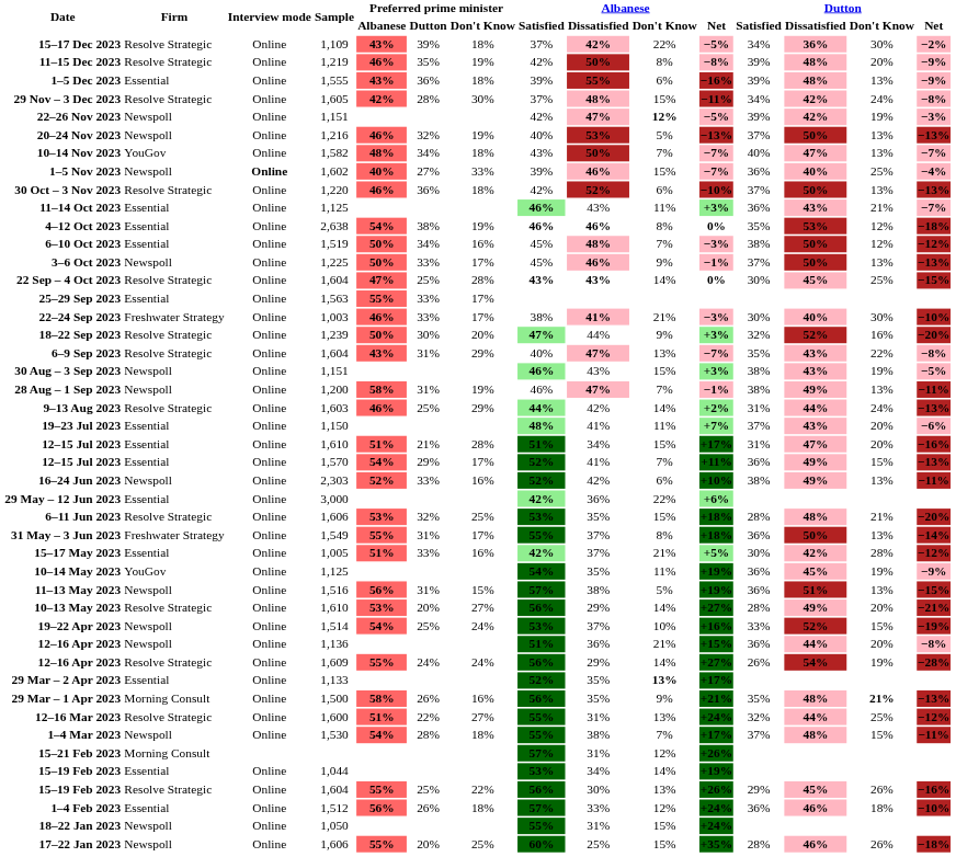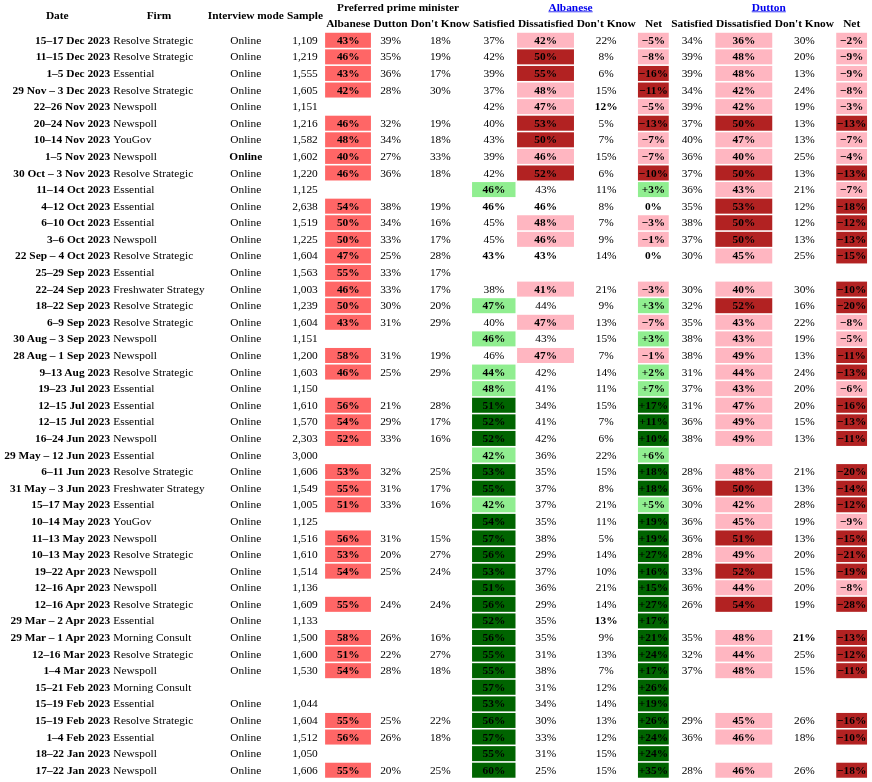 <table class={| class="nowrap wikitable sortable tpl-blanktable" style=text-align:center;font-size:90%>
 <tr>
 <th rowspan=2>Date</th>
 <th rowspan=2>Firm</th>
 <th rowspan=2>Interview mode</th>
 <th rowspan=2 style=max-width:5em>Sample</th>
 <th colspan=3>Preferred prime minister</th>
 <th colspan=4><a href='#'>Albanese</a></th>
 <th colspan=4><a href='#'>Dutton</a></th>
 </tr>
 <tr>
 <th>Albanese</th>
 <th>Dutton</th>
 <th>Don't Know</th>
 <th>Satisfied</th>
 <th>Dissatisfied</th>
 <th>Don't Know</th>
 <th>Net</th>
 <th>Satisfied</th>
 <th>Dissatisfied</th>
 <th>Don't Know</th>
 <th>Net</th>
 </tr>
 <tr>
 <th style="text-align:right">15–17 Dec 2023</th>
 <td style=text-align:left>Resolve Strategic</td>
 <td>Online</td>
 <td>1,109</td>
 <td style="background:#f66"><strong>43%</strong></td>
 <td>39%</td>
 <td>18%</td>
 <td>37%</td>
 <td style="background:LightPink"><strong>42%</strong></td>
 <td>22%</td>
 <th style="background:LightPink">−5%</th>
 <td>34%</td>
 <td style="background:LightPink"><strong>36%</strong></td>
 <td>30%</td>
 <th style="background:LightPink">−2%</th>
 </tr>
 <tr>
 <th style=text-align:right>11–15 Dec 2023</th>
 <td style=text-align:left>Resolve Strategic</td>
 <td>Online</td>
 <td>1,219</td>
 <td style="background:#f66"><strong>46%</strong></td>
 <td>35%</td>
 <td>19%</td>
 <td>42%</td>
 <td style="background:FireBrick"><strong>50%</strong></td>
 <td>8%</td>
 <th style="background:LightPink">−8%</th>
 <td>39%</td>
 <td style="background:LightPink"><strong>48%</strong></td>
 <td>20%</td>
 <th style="background:LightPink">−9%</th>
 </tr>
 <tr>
 <th style=text-align:right>1–5 Dec 2023</th>
 <td style=text-align:left>Essential</td>
 <td>Online</td>
 <td>1,555</td>
 <td style="background:#f66"><strong>43%</strong></td>
 <td>36%</td>
-<td>18%</td>
+<td>17%</td>
 <td>39%</td>
 <td style="background:FireBrick"><strong>55%</strong></td>
 <td>6%</td>
 <th style="background:FireBrick">−16%</th>
 <td>39%</td>
 <td style="background:LightPink"><strong>48%</strong></td>
 <td>13%</td>
 <th style="background:LightPink">−9%</th>
 </tr>
 <tr>
 <th style=text-align:right>29 Nov – 3 Dec 2023</th>
 <td style=text-align:left>Resolve Strategic</td>
 <td>Online</td>
 <td>1,605</td>
 <td style="background:#f66"><strong>42%</strong></td>
 <td>28%</td>
 <td>30%</td>
 <td>37%</td>
 <td style="background:LightPink"><strong>48%</strong></td>
 <td>15%</td>
 <th style="background:FireBrick">−11%</th>
 <td>34%</td>
 <td style="background:LightPink"><strong>42%</strong></td>
 <td>24%</td>
 <th style="background:LightPink">−8%</th>
 </tr>
 <tr>
 <th style=text-align:right>22–26 Nov 2023</th>
 <td style="text-align:left">Newspoll</td>
 <td>Online</td>
 <td>1,151</td>
 <td></td>
 <td></td>
 <td></td>
 <td>42%</td>
 <td style="background:LightPink"><strong>47%</strong></td>
 <td><strong>12%</strong></td>
 <th style="background:LightPink">−5%</th>
 <td>39%</td>
 <td style="background:LightPink"><strong>42%</strong></td>
 <td>19%</td>
 <th style="background:LightPink">−3%</th>
 </tr>
 <tr>
 <th style=text-align:right>20–24 Nov 2023</th>
 <td style=text-align:left>Newspoll</td>
 <td>Online</td>
 <td>1,216</td>
 <td style="background:#f66"><strong>46%</strong></td>
 <td>32%</td>
 <td>19%</td>
 <td>40%</td>
 <td style="background:FireBrick"><strong>53%</strong></td>
 <td>5%</td>
 <th style="background:FireBrick">−13%</th>
 <td>37%</td>
 <td style="background:FireBrick"><strong>50%</strong></td>
 <td>13%</td>
 <th style="background:FireBrick">−13%</th>
 </tr>
 <tr>
 <th style=text-align:right>10–14 Nov 2023</th>
 <td style=text-align:left>YouGov</td>
 <td>Online</td>
 <td>1,582</td>
 <td style="background:#f66"><strong>48%</strong></td>
 <td>34%</td>
 <td>18%</td>
 <td>43%</td>
 <td style="background:FireBrick"><strong>50%</strong></td>
 <td>7%</td>
 <th style="background:LightPink">−7%</th>
 <td>40%</td>
 <td style="background:LightPink"><strong>47%</strong></td>
 <td>13%</td>
 <th style="background:LightPink">−7%</th>
 </tr>
 <tr>
 <th style=text-align:right>1–5 Nov 2023</th>
 <td style=text-align:left>Newspoll</td>
 <td><strong>Online</strong></td>
 <td>1,602</td>
 <td style="background:#f66"><strong>40%</strong></td>
 <td>27%</td>
 <td>33%</td>
 <td>39%</td>
 <td style="background:LightPink"><strong>46%</strong></td>
 <td>15%</td>
 <th style="background:LightPink">−7%</th>
 <td>36%</td>
 <td style="background:LightPink"><strong>40%</strong></td>
 <td>25%</td>
 <th style="background:LightPink">−4%</th>
 </tr>
 <tr>
 <th style=text-align:right>30 Oct – 3 Nov 2023</th>
 <td style=text-align:left>Resolve Strategic</td>
 <td>Online</td>
 <td>1,220</td>
 <td style="background:#f66"><strong>46%</strong></td>
 <td>36%</td>
 <td>18%</td>
 <td>42%</td>
 <td style="background:FireBrick"><strong>52%</strong></td>
 <td>6%</td>
 <th style="background:FireBrick">−10%</th>
 <td>37%</td>
 <td style="background:FireBrick"><strong>50%</strong></td>
 <td>13%</td>
 <th style="background:FireBrick">−13%</th>
 </tr>
 <tr>
 <th style=text-align:right>11–14 Oct 2023</th>
 <td style=text-align:left>Essential</td>
 <td>Online</td>
 <td>1,125</td>
 <td></td>
 <td></td>
 <td></td>
 <td style="background:LightGreen"><strong>46%</strong></td>
 <td>43%</td>
 <td>11%</td>
 <th style="background:LightGreen">+3%</th>
 <td>36%</td>
 <td style="background:LightPink"><strong>43%</strong></td>
 <td>21%</td>
 <th style="background:LightPink">−7%</th>
 </tr>
 <tr>
 <th style=text-align:right>4–12 Oct 2023</th>
 <td style="text-align:left">Essential</td>
 <td>Online</td>
 <td>2,638</td>
 <td style="background:#f66"><strong>54%</strong></td>
 <td>38%</td>
 <td>19%</td>
 <th>46%</th>
 <th>46%</th>
 <td>8%</td>
 <th>0%</th>
 <td>35%</td>
 <td style="background:FireBrick"><strong>53%</strong></td>
 <td>12%</td>
 <th style="background:FireBrick">−18%</th>
 </tr>
 <tr>
 <th style=text-align:right>6–10 Oct 2023</th>
 <td style=text-align:left>Essential</td>
 <td>Online</td>
 <td>1,519</td>
 <td style="background:#f66"><strong>50%</strong></td>
 <td>34%</td>
 <td>16%</td>
 <td>45%</td>
 <td style="background:LightPink"><strong>48%</strong></td>
 <td>7%</td>
 <th style="background:LightPink">−3%</th>
 <td>38%</td>
 <td style="background:FireBrick"><strong>50%</strong></td>
 <td>12%</td>
 <th style="background:FireBrick">−12%</th>
 </tr>
 <tr>
 <th style=text-align:right>3–6 Oct 2023</th>
 <td style=text-align:left>Newspoll</td>
 <td>Online</td>
 <td>1,225</td>
 <td style="background:#f66"><strong>50%</strong></td>
 <td>33%</td>
 <td>17%</td>
 <td>45%</td>
 <td style="background:LightPink"><strong>46%</strong></td>
 <td>9%</td>
 <th style="background:LightPink">−1%</th>
 <td>37%</td>
 <td style="background:FireBrick"><strong>50%</strong></td>
 <td>13%</td>
 <th style="background:FireBrick">−13%</th>
 </tr>
 <tr>
 <th style=text-align:right>22 Sep – 4 Oct 2023</th>
 <td style=text-align:left>Resolve Strategic</td>
 <td>Online</td>
 <td>1,604</td>
 <td style="background:#f66"><strong>47%</strong></td>
 <td>25%</td>
 <td>28%</td>
 <th>43%</th>
 <th>43%</th>
 <td>14%</td>
 <th>0%</th>
 <td>30%</td>
 <td style="background:LightPink"><strong>45%</strong></td>
 <td>25%</td>
 <th style="background:FireBrick">−15%</th>
 </tr>
 <tr>
 <th style=text-align:right>25–29 Sep 2023</th>
 <td style=text-align:left>Essential</td>
 <td>Online</td>
 <td>1,563</td>
 <td style="background:#f66"><strong>55%</strong></td>
 <td>33%</td>
 <td>17%</td>
 <td></td>
 <td></td>
 <td></td>
 <th></th>
 <td></td>
 <td></td>
 <td></td>
 <th></th>
 </tr>
 <tr>
 <th style="text-align:right">22–24 Sep 2023</th>
 <td style="text-align:left">Freshwater Strategy</td>
 <td>Online</td>
 <td>1,003</td>
 <td style="background:#f66"><strong>46%</strong></td>
 <td>33%</td>
 <td>17%</td>
 <td>38%</td>
 <td style="background:LightPink"><strong>41%</strong></td>
 <td>21%</td>
 <th style="background:LightPink">−3%</th>
 <td>30%</td>
 <td style="background:LightPink"><strong>40%</strong></td>
 <td>30%</td>
 <th style="background:FireBrick">−10%</th>
 </tr>
 <tr>
 <th style=text-align:right>18–22 Sep 2023</th>
 <td style="text-align:left">Resolve Strategic</td>
 <td>Online</td>
 <td>1,239</td>
 <td style="background:#f66"><strong>50%</strong></td>
 <td>30%</td>
 <td>20%</td>
 <td style="background:LightGreen"><strong>47%</strong></td>
 <td>44%</td>
 <td>9%</td>
 <th style="background:LightGreen;">+3%</th>
 <td>32%</td>
 <td style="background:FireBrick"><strong>52%</strong></td>
 <td>16%</td>
 <th style="background:FireBrick">−20%</th>
 </tr>
 <tr>
 <th style=text-align:right>6–9 Sep 2023</th>
 <td style=text-align:left>Resolve Strategic</td>
 <td>Online</td>
 <td>1,604</td>
 <td style="background:#f66"><strong>43%</strong></td>
 <td>31%</td>
 <td>29%</td>
 <td>40%</td>
 <td style="background:LightPink"><strong>47%</strong></td>
 <td>13%</td>
 <th style="background:LightPink">−7%</th>
 <td>35%</td>
 <td style="background:LightPink"><strong>43%</strong></td>
 <td>22%</td>
 <th style="background:LightPink">−8%</th>
 </tr>
 <tr>
 <th style=text-align:right>30 Aug – 3 Sep 2023</th>
 <td style="text-align:left">Newspoll</td>
 <td>Online</td>
 <td>1,151</td>
 <td></td>
 <td></td>
 <td></td>
 <td style="background:LightGreen"><strong>46%</strong></td>
 <td>43%</td>
 <td>15%</td>
 <th style="background:LightGreen">+3%</th>
 <td>38%</td>
 <td style="background:LightPink"><strong>43%</strong></td>
 <td>19%</td>
 <th style="background:LightPink">−5%</th>
 </tr>
 <tr>
 <th style=text-align:right>28 Aug – 1 Sep 2023</th>
 <td style=text-align:left>Newspoll</td>
 <td>Online</td>
 <td>1,200</td>
 <td style="background:#f66"><strong>58%</strong></td>
 <td>31%</td>
 <td>19%</td>
 <td>46%</td>
 <td style="background:LightPink"><strong>47%</strong></td>
 <td>7%</td>
 <th style="background:LightPink">−1%</th>
 <td>38%</td>
 <td style="background:LightPink"><strong>49%</strong></td>
 <td>13%</td>
 <th style="background:FireBrick">−11%</th>
 </tr>
 <tr>
 <th style=text-align:right>9–13 Aug 2023</th>
 <td style=text-align:left>Resolve Strategic</td>
 <td>Online</td>
 <td>1,603</td>
 <td style="background:#f66"><strong>46%</strong></td>
 <td>25%</td>
 <td>29%</td>
 <td style="background:LightGreen"><strong>44%</strong></td>
 <td>42%</td>
 <td>14%</td>
 <th style="background:LightGreen">+2%</th>
 <td>31%</td>
 <td style="background:LightPink"><strong>44%</strong></td>
 <td>24%</td>
 <th style="background:FireBrick">−13%</th>
 </tr>
 <tr>
 <th style=text-align:right>19–23 Jul 2023</th>
 <td style=text-align:left>Essential</td>
 <td>Online</td>
 <td>1,150</td>
 <td></td>
 <td></td>
 <td></td>
 <td style="background:LightGreen"><strong>48%</strong></td>
 <td>41%</td>
 <td>11%</td>
 <th style="background:LightGreen">+7%</th>
 <td>37%</td>
 <td style="background:LightPink"><strong>43%</strong></td>
 <td>20%</td>
 <th style="background:LightPink">−6%</th>
 </tr>
 <tr>
 <th style=text-align:right>12–15 Jul 2023</th>
 <td style="text-align:left">Essential</td>
 <td>Online</td>
 <td>1,610</td>
-<td style="background:#f66"><strong>51%</strong></td>
+<td style="background:#f66"><strong>56%</strong></td>
 <td>21%</td>
 <td>28%</td>
 <td style="background:DarkGreen"><strong>51%</strong></td>
 <td>34%</td>
 <td>15%</td>
 <th style="background:DarkGreen">+17%</th>
 <td>31%</td>
 <td style="background:LightPink"><strong>47%</strong></td>
 <td>20%</td>
 <th style="background:FireBrick">−16%</th>
 </tr>
 <tr>
 <th style=text-align:right>12–15 Jul 2023</th>
 <td style="text-align:left">Essential</td>
 <td>Online</td>
 <td>1,570</td>
 <td style="background:#f66"><strong>54%</strong></td>
 <td>29%</td>
 <td>17%</td>
 <td style="background:DarkGreen"><strong>52%</strong></td>
 <td>41%</td>
 <td>7%</td>
 <th style="background:DarkGreen">+11%</th>
 <td>36%</td>
 <td style="background:LightPink"><strong>49%</strong></td>
 <td>15%</td>
 <th style="background:FireBrick">−13%</th>
 </tr>
 <tr>
 <th style=text-align:right>16–24 Jun 2023</th>
 <td style=text-align:left>Newspoll</td>
 <td>Online</td>
 <td>2,303</td>
 <td style="background:#f66"><strong>52%</strong></td>
 <td>33%</td>
 <td>16%</td>
 <td style="background:DarkGreen"><strong>52%</strong></td>
 <td>42%</td>
 <td>6%</td>
 <th style="background:DarkGreen">+10%</th>
 <td>38%</td>
 <td style="background:LightPink"><strong>49%</strong></td>
 <td>13%</td>
 <th style="background:FireBrick">−11%</th>
 </tr>
 <tr>
 <th style=text-align:right>29 May – 12 Jun 2023</th>
 <td style="text-align:left">Essential</td>
 <td>Online</td>
 <td>3,000</td>
 <td></td>
 <td></td>
 <td></td>
 <td style="background:LightGreen"><strong>42%</strong></td>
 <td>36%</td>
 <td>22%</td>
 <th style="background:LightGreen">+6%</th>
 <td></td>
 <td></td>
 <td></td>
 <td></td>
 </tr>
 <tr>
 <th style=text-align:right>6–11 Jun 2023</th>
 <td style=text-align:left>Resolve Strategic</td>
 <td>Online</td>
 <td>1,606</td>
 <td style="background:#f66"><strong>53%</strong></td>
 <td>32%</td>
 <td>25%</td>
 <td style="background:DarkGreen"><strong>53%</strong></td>
 <td>35%</td>
 <td>15%</td>
 <th style="background:DarkGreen">+18%</th>
 <td>28%</td>
 <td style="background:LightPink"><strong>48%</strong></td>
 <td>21%</td>
 <th style="background:FireBrick">−20%</th>
 </tr>
 <tr>
 <th style=text-align:right>31 May – 3 Jun 2023</th>
 <td style="text-align:left">Freshwater Strategy</td>
 <td>Online</td>
 <td>1,549</td>
 <td style="background:#f66"><strong>55%</strong></td>
 <td>31%</td>
 <td>17%</td>
 <td style="background:DarkGreen"><strong>55%</strong></td>
 <td>37%</td>
 <td>8%</td>
 <th style="background:DarkGreen">+18%</th>
 <td>36%</td>
 <td style="background:FireBrick"><strong>50%</strong></td>
 <td>13%</td>
 <th style="background:FireBrick">−14%</th>
 </tr>
 <tr>
 <th style="text-align:right">15–17 May 2023</th>
 <td style=text-align:left>Essential</td>
 <td>Online</td>
 <td>1,005</td>
 <td style="background:#f66"><strong>51%</strong></td>
 <td>33%</td>
 <td>16%</td>
 <td style="background:LightGreen"><strong>42%</strong></td>
 <td>37%</td>
 <td>21%</td>
 <th style="background:LightGreen">+5%</th>
 <td>30%</td>
 <td style="background:LightPink"><strong>42%</strong></td>
 <td>28%</td>
 <th style="background:FireBrick">−12%</th>
 </tr>
 <tr>
 <th style=text-align:right>10–14 May 2023</th>
 <td style=text-align:left>YouGov</td>
 <td>Online</td>
 <td>1,125</td>
 <td></td>
 <td></td>
 <td></td>
 <td style="background:DarkGreen"><strong>54%</strong></td>
 <td>35%</td>
 <td>11%</td>
 <th style="background:DarkGreen">+19%</th>
 <td>36%</td>
 <td style="background:LightPink"><strong>45%</strong></td>
 <td>19%</td>
 <td style="background:LightPink"><strong>−9%</strong></td>
 </tr>
 <tr>
 <th style=text-align:right>11–13 May 2023</th>
 <td style=text-align:left>Newspoll</td>
 <td>Online</td>
 <td>1,516</td>
 <td style="background:#f66"><strong>56%</strong></td>
 <td>31%</td>
 <td>15%</td>
 <td style="background:DarkGreen"><strong>57%</strong></td>
 <td>38%</td>
 <td>5%</td>
 <th style="background:DarkGreen">+19%</th>
 <td>36%</td>
 <td style="background:FireBrick"><strong>51%</strong></td>
 <td>13%</td>
 <th style="background:FireBrick">−15%</th>
 </tr>
 <tr>
 <th style=text-align:right>10–13 May 2023</th>
 <td style=text-align:left>Resolve Strategic</td>
 <td>Online</td>
 <td>1,610</td>
 <td style="background:#f66"><strong>53%</strong></td>
 <td>20%</td>
 <td>27%</td>
 <td style="background:DarkGreen"><strong>56%</strong></td>
 <td>29%</td>
 <td>14%</td>
 <th style="background:DarkGreen;">+27%</th>
 <td>28%</td>
 <td style="background:LightPink"><strong>49%</strong></td>
 <td>20%</td>
 <th style="background:FireBrick">−21%</th>
 </tr>
 <tr>
 <th style="text-align:right">19–22 Apr 2023</th>
 <td style="text-align:left">Newspoll</td>
 <td>Online</td>
 <td>1,514</td>
 <td style="background:#f66"><strong>54%</strong></td>
 <td>25%</td>
 <td>24%</td>
 <td style="background:DarkGreen"><strong>53%</strong></td>
 <td>37%</td>
 <td>10%</td>
 <th style="background:DarkGreen">+16%</th>
 <td>33%</td>
 <td style="background:FireBrick"><strong>52%</strong></td>
 <td>15%</td>
 <th style="background:FireBrick">−19%</th>
 </tr>
 <tr>
 <th style="text-align:right">12–16 Apr 2023</th>
 <td style="text-align:left">Newspoll</td>
 <td>Online</td>
 <td>1,136</td>
 <td></td>
 <td></td>
 <td></td>
 <td style="background:DarkGreen"><strong>51%</strong></td>
 <td>36%</td>
 <td>21%</td>
 <th style="background:DarkGreen">+15%</th>
 <td>36%</td>
 <td style="background:LightPink"><strong>44%</strong></td>
 <td>20%</td>
 <th style="background:LightPink">−8%</th>
 </tr>
 <tr>
 <th style="text-align:right">12–16 Apr 2023</th>
 <td style="text-align:left">Resolve Strategic</td>
 <td>Online</td>
 <td>1,609</td>
 <td style="background:#f66"><strong>55%</strong></td>
 <td>24%</td>
 <td>24%</td>
 <td style="background:DarkGreen"><strong>56%</strong></td>
 <td>29%</td>
 <td>14%</td>
 <th style="background:DarkGreen">+27%</th>
 <td>26%</td>
 <td style="background:FireBrick"><strong>54%</strong></td>
 <td>19%</td>
 <th style="background:FireBrick">−28%</th>
 </tr>
 <tr>
 <th style="text-align:right">29 Mar – 2 Apr 2023</th>
 <td style="text-align:left">Essential</td>
 <td>Online</td>
 <td>1,133</td>
 <td></td>
 <td></td>
 <td></td>
 <td style="background:DarkGreen"><strong>52%</strong></td>
 <td>35%</td>
 <td><strong>13%</strong></td>
 <th style="background:DarkGreen">+17%</th>
 <td></td>
 <td></td>
 <td></td>
 <th></th>
 </tr>
 <tr>
 <th style="text-align:right">29 Mar – 1 Apr 2023</th>
 <td style="text-align:left">Morning Consult</td>
 <td>Online</td>
 <td>1,500</td>
 <td style="background:#f66"><strong>58%</strong></td>
 <td>26%</td>
 <td>16%</td>
 <td style="background:DarkGreen"><strong>56%</strong></td>
 <td>35%</td>
 <td>9%</td>
 <th style="background:DarkGreen">+21%</th>
 <td>35%</td>
 <td style="background:LightPink"><strong>48%</strong></td>
 <td><strong>21%</strong></td>
 <th style="background:FireBrick">−13%</th>
 </tr>
 <tr>
 <th style="text-align:right">12–16 Mar 2023</th>
 <td style="text-align:left">Resolve Strategic</td>
 <td>Online</td>
 <td>1,600</td>
 <td style="background:#f66"><strong>51%</strong></td>
 <td>22%</td>
 <td>27%</td>
 <td style="background:DarkGreen"><strong>55%</strong></td>
 <td>31%</td>
 <td>13%</td>
 <th style="background:DarkGreen">+24%</th>
 <td>32%</td>
 <td style="background:LightPink"><strong>44%</strong></td>
 <td>25%</td>
 <th style="background:FireBrick">−12%</th>
 </tr>
 <tr>
 <th style="text-align:right">1–4 Mar 2023</th>
 <td style="text-align:left">Newspoll</td>
 <td>Online</td>
 <td>1,530</td>
 <td style="background:#f66"><strong>54%</strong></td>
 <td>28%</td>
 <td>18%</td>
 <td style="background:DarkGreen"><strong>55%</strong></td>
 <td>38%</td>
 <td>7%</td>
 <th style="background:DarkGreen">+17%</th>
 <td>37%</td>
 <td style="background:LightPink"><strong>48%</strong></td>
 <td>15%</td>
 <th style="background:FireBrick">−11%</th>
 </tr>
 <tr>
 <th style="text-align:right">15–21 Feb 2023</th>
 <td style="text-align:left">Morning Consult</td>
 <td></td>
 <td></td>
 <td></td>
 <td></td>
 <td></td>
 <td style="background:DarkGreen"><strong>57%</strong></td>
 <td>31%</td>
 <td>12%</td>
 <th style="background:DarkGreen">+26%</th>
 <td></td>
 <td></td>
 <td></td>
 <td></td>
 </tr>
 <tr>
 <th style="text-align:right">15–19 Feb 2023</th>
 <td style="text-align:left">Essential</td>
 <td>Online</td>
 <td>1,044</td>
 <td></td>
 <td></td>
 <td></td>
 <td style="background:DarkGreen"><strong>53%</strong></td>
 <td>34%</td>
 <td>14%</td>
 <th style="background:DarkGreen">+19%</th>
 <td></td>
 <td></td>
 <td></td>
 <td></td>
 </tr>
 <tr>
 <th style="text-align:right">15–19 Feb 2023</th>
 <td style="text-align:left">Resolve Strategic</td>
 <td>Online</td>
 <td>1,604</td>
 <td style="background:#f66"><strong>55%</strong></td>
 <td>25%</td>
 <td>22%</td>
 <td style="background:DarkGreen"><strong>56%</strong></td>
 <td>30%</td>
 <td>13%</td>
 <th style="background:DarkGreen">+26%</th>
 <td>29%</td>
 <td style="background:LightPink"><strong>45%</strong></td>
 <td>26%</td>
 <th style="background:FireBrick">−16%</th>
 </tr>
 <tr>
 <th style="text-align:right">1–4 Feb 2023</th>
 <td style=text-align:left>Essential</td>
 <td>Online</td>
 <td>1,512</td>
 <td style="background:#f66"><strong>56%</strong></td>
 <td>26%</td>
 <td>18%</td>
 <td style="background:DarkGreen"><strong>57%</strong></td>
 <td>33%</td>
 <td>12%</td>
 <th style="background:DarkGreen">+24%</th>
 <td>36%</td>
 <td style="background:LightPink"><strong>46%</strong></td>
 <td>18%</td>
 <th style="background:FireBrick">−10%</th>
 </tr>
 <tr>
 <th style="text-align:right">18–22 Jan 2023</th>
 <td style=text-align:left>Newspoll</td>
 <td>Online</td>
 <td>1,050</td>
 <td></td>
 <td></td>
 <td></td>
 <td style="background:DarkGreen"><strong>55%</strong></td>
 <td>31%</td>
 <td>15%</td>
 <th style="background:DarkGreen">+24%</th>
 <td></td>
 <td></td>
 <td></td>
 <td></td>
 </tr>
 <tr>
 <th style="text-align:right">17–22 Jan 2023</th>
 <td style=text-align:left>Newspoll</td>
 <td>Online</td>
 <td>1,606</td>
 <td style="background:#f66"><strong>55%</strong></td>
 <td>20%</td>
 <td>25%</td>
 <td style="background:DarkGreen"><strong>60%</strong></td>
 <td>25%</td>
 <td>15%</td>
 <th style="background:DarkGreen">+35%</th>
 <td>28%</td>
 <td style="background:LightPink"><strong>46%</strong></td>
 <td>26%</td>
 <th style="background:FireBrick">−18%</th>
 </tr>
 </table>
